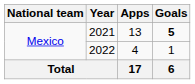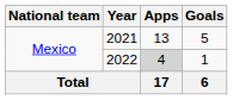 <table class="wikitable" style="text-align:center">
 <tr>
 <th>National team</th>
 <th>Year</th>
 <th>Apps</th>
 <th>Goals</th>
 </tr>
 <tr>
 <td rowspan="2"><a href='#'>Mexico</a></td>
 <td>2021</td>
 <td>13</td>
-<td><strong>5</strong></td>
+<td>5</td>
 </tr>
 <tr>
 <td>2022</td>
-<td>4</td>
+<td style="background: lightgrey;">4</td>
 <td>1</td>
 </tr>
 <tr>
 <th colspan="2">Total</th>
 <th>17</th>
 <th>6</th>
 </tr>
 </table>
